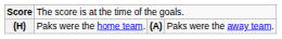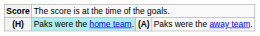 <table class="wikitable" style="font-size:85%;">
 <tr>
 <th>Score</th>
 <td colspan="3">The score is at the time of the goals.</td>
 </tr>
 <tr>
 <th>(H)</th>
-<td>Paks were the <a href='#'>home team</a>.</td>
+<td style="background: paleturquoise;">Paks were the <a href='#'>home team</a>.</td>
 <th>(A)</th>
 <td>Paks were the <a href='#'>away team</a>.</td>
 </tr>
 </table>
